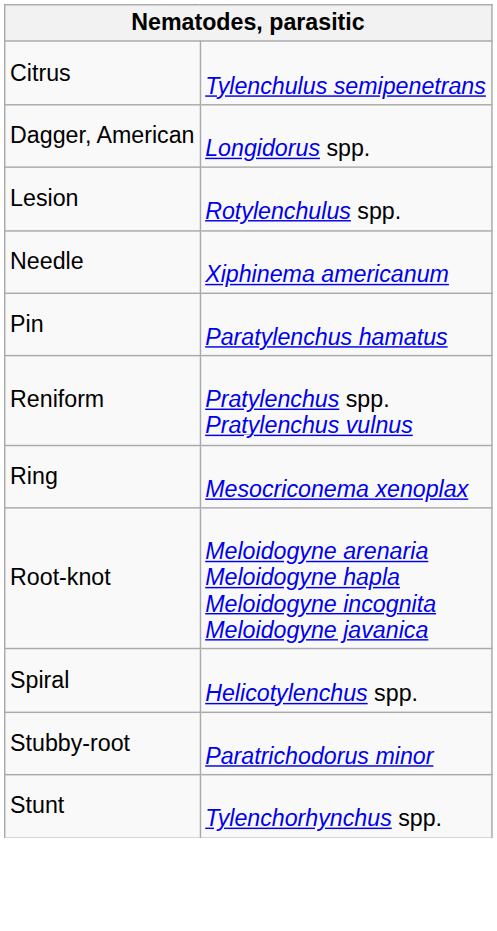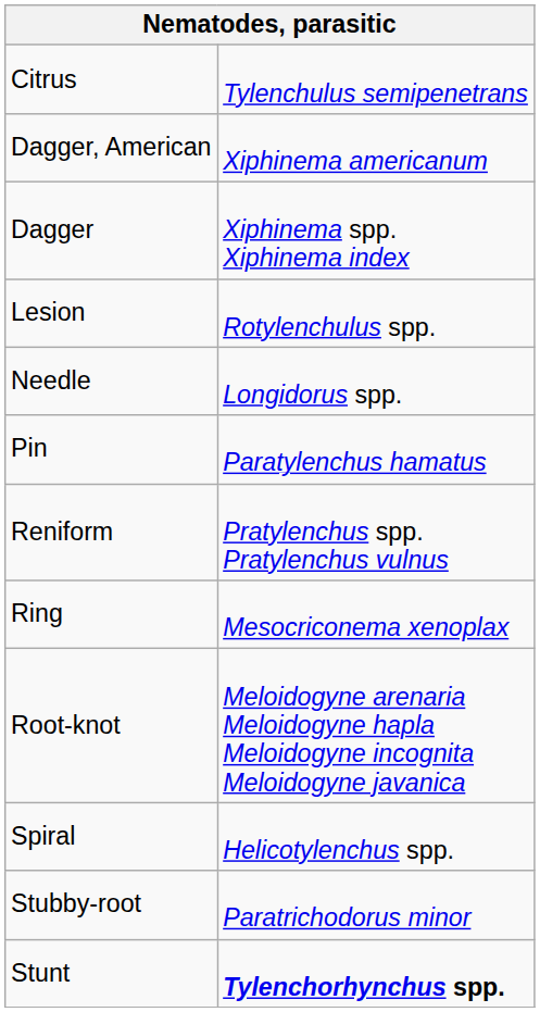 <table class="wikitable" style="clear">
 <tr>
 <th colspan=2><strong>Nematodes, parasitic</strong><br></th>
 </tr>
 <tr>
 <td>Citrus</td>
 <td><br><em><a href='#'>Tylenchulus semipenetrans</a></em></td>
 </tr>
 <tr>
 <td>Dagger, American</td>
-<td><br><em><a href='#'>Longidorus</a></em> spp.</td>
+<td><br><em><a href='#'>Xiphinema americanum</a></em></td>
+</tr>
+<tr>
+<td>Dagger</td>
+<td><br><em><a href='#'>Xiphinema</a></em> spp.  <br> <em><a href='#'>Xiphinema index</a></em></td>
 </tr>
 <tr>
 <td>Lesion</td>
 <td><br><em><a href='#'>Rotylenchulus</a></em> spp.</td>
 </tr>
 <tr>
 <td>Needle</td>
-<td><br><em><a href='#'>Xiphinema americanum</a></em></td>
+<td><br><em><a href='#'>Longidorus</a></em> spp.</td>
 </tr>
 <tr>
 <td>Pin</td>
 <td><br><em><a href='#'>Paratylenchus hamatus</a></em></td>
 </tr>
 <tr>
 <td>Reniform</td>
 <td><br><em><a href='#'>Pratylenchus</a></em> spp. <br> <em><a href='#'>Pratylenchus vulnus</a></em></td>
 </tr>
 <tr>
 <td>Ring</td>
 <td><br><em><a href='#'>Mesocriconema xenoplax</a></em></td>
 </tr>
 <tr>
 <td>Root-knot</td>
 <td><br><em><a href='#'>Meloidogyne arenaria</a></em><br> <em><a href='#'>Meloidogyne hapla</a></em><br> <em><a href='#'>Meloidogyne incognita</a></em><br> <em><a href='#'>Meloidogyne javanica</a></em></td>
 </tr>
 <tr>
 <td>Spiral</td>
 <td><br><em><a href='#'>Helicotylenchus</a></em> spp.</td>
 </tr>
 <tr>
 <td>Stubby-root</td>
 <td><br><em><a href='#'>Paratrichodorus minor</a></em></td>
 </tr>
 <tr>
 <td>Stunt</td>
-<td><br><em><a href='#'>Tylenchorhynchus</a></em> spp.</td>
+<td><strong><br><em><a href='#'>Tylenchorhynchus</a></em> spp.</strong></td>
 </tr>
 <tr>
 </tr>
 </table>
